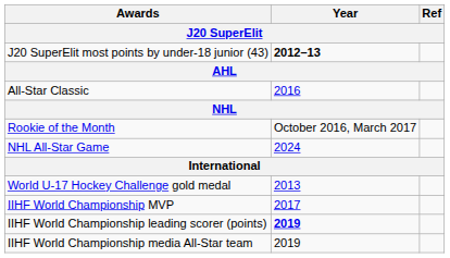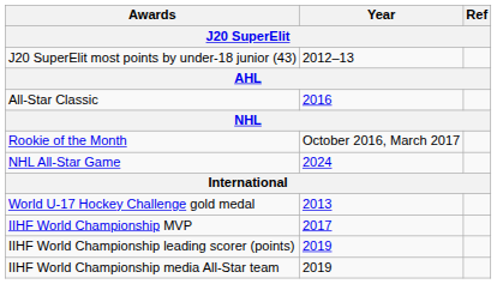 <table class="wikitable">
 <tr>
 <th>Awards</th>
 <th>Year</th>
 <th>Ref</th>
 </tr>
 <tr>
 <th colspan="3"><a href='#'>J20 SuperElit</a></th>
 </tr>
 <tr>
 <td>J20 SuperElit most points by under-18 junior (43)</td>
-<td><strong>2012–13</strong></td>
+<td>2012–13</td>
 <td></td>
 </tr>
 <tr>
 <th colspan="3"><a href='#'>AHL</a></th>
 </tr>
 <tr>
 <td>All-Star Classic</td>
 <td><a href='#'>2016</a></td>
 <td></td>
 </tr>
 <tr>
 <th colspan="3"><a href='#'>NHL</a></th>
 </tr>
 <tr>
 <td><a href='#'>Rookie of the Month</a></td>
 <td>October 2016, March 2017</td>
 <td></td>
 </tr>
 <tr>
 <td><a href='#'>NHL All-Star Game</a></td>
 <td><a href='#'>2024</a></td>
 <td></td>
 </tr>
 <tr>
 <th colspan="3">International</th>
 </tr>
 <tr>
 <td><a href='#'>World U-17 Hockey Challenge</a> gold medal</td>
 <td><a href='#'>2013</a></td>
 <td></td>
 </tr>
 <tr>
 <td><a href='#'>IIHF World Championship</a> MVP</td>
 <td><a href='#'>2017</a></td>
 <td></td>
 </tr>
 <tr>
 <td>IIHF World Championship leading scorer (points)</td>
-<td><strong><a href='#'>2019</a></strong></td>
+<td><a href='#'>2019</a></td>
 <td></td>
 </tr>
 <tr>
 <td>IIHF World Championship media All-Star team</td>
 <td>2019</td>
 <td></td>
 </tr>
 </table>
